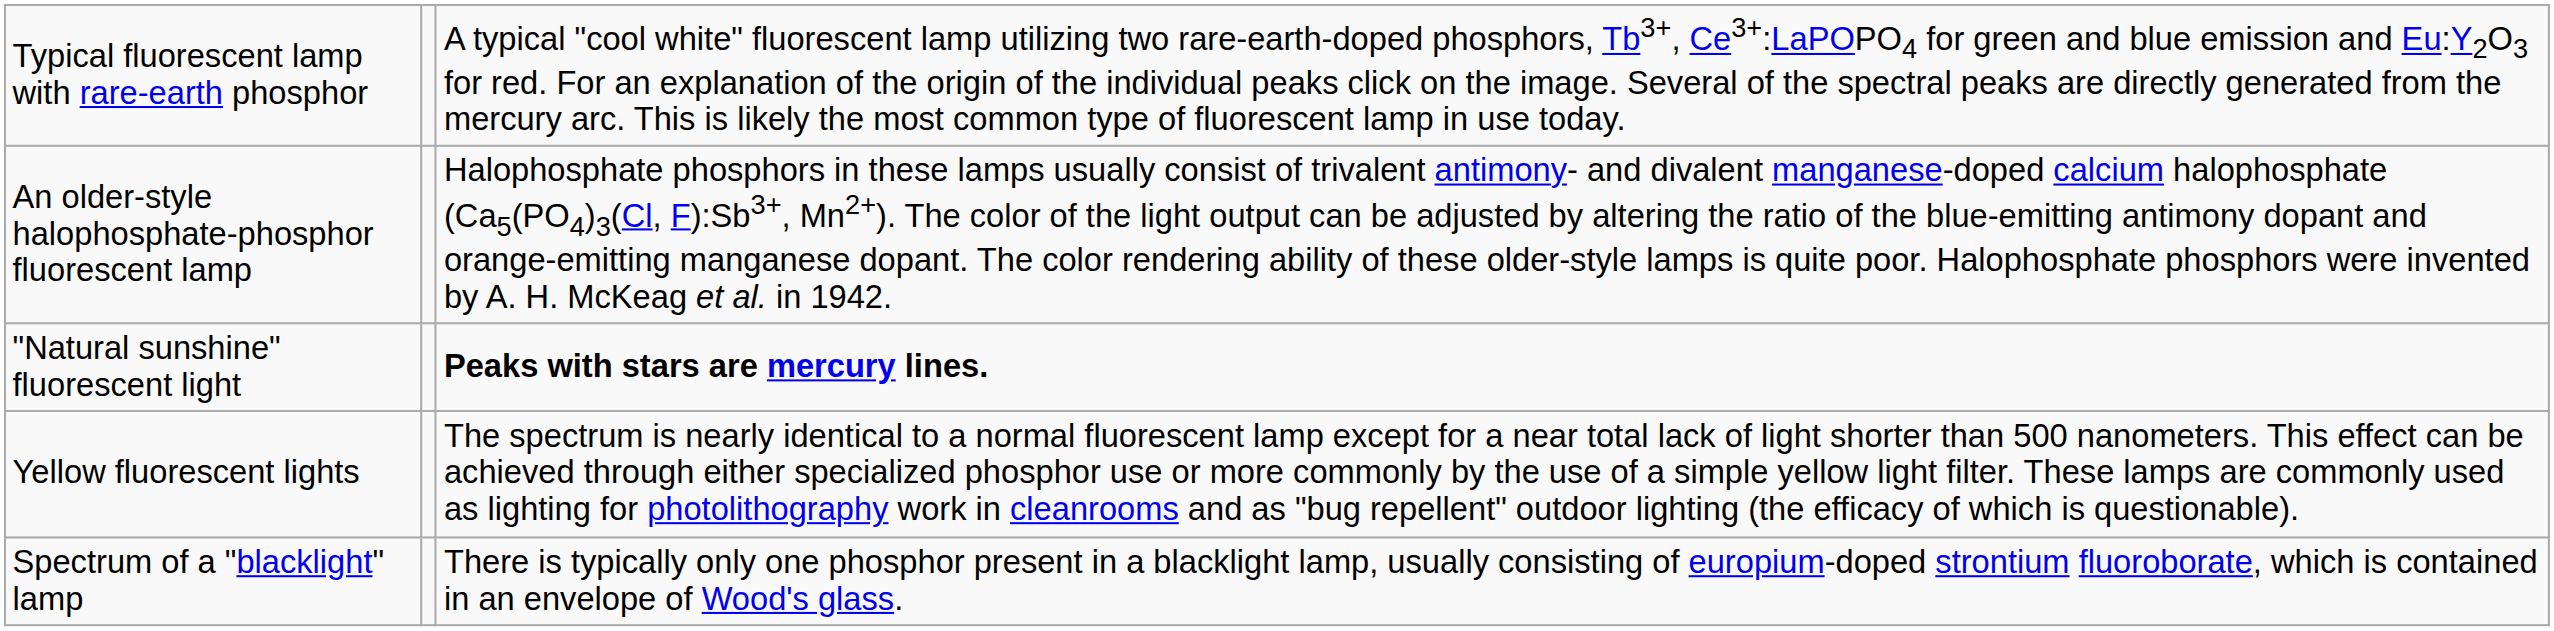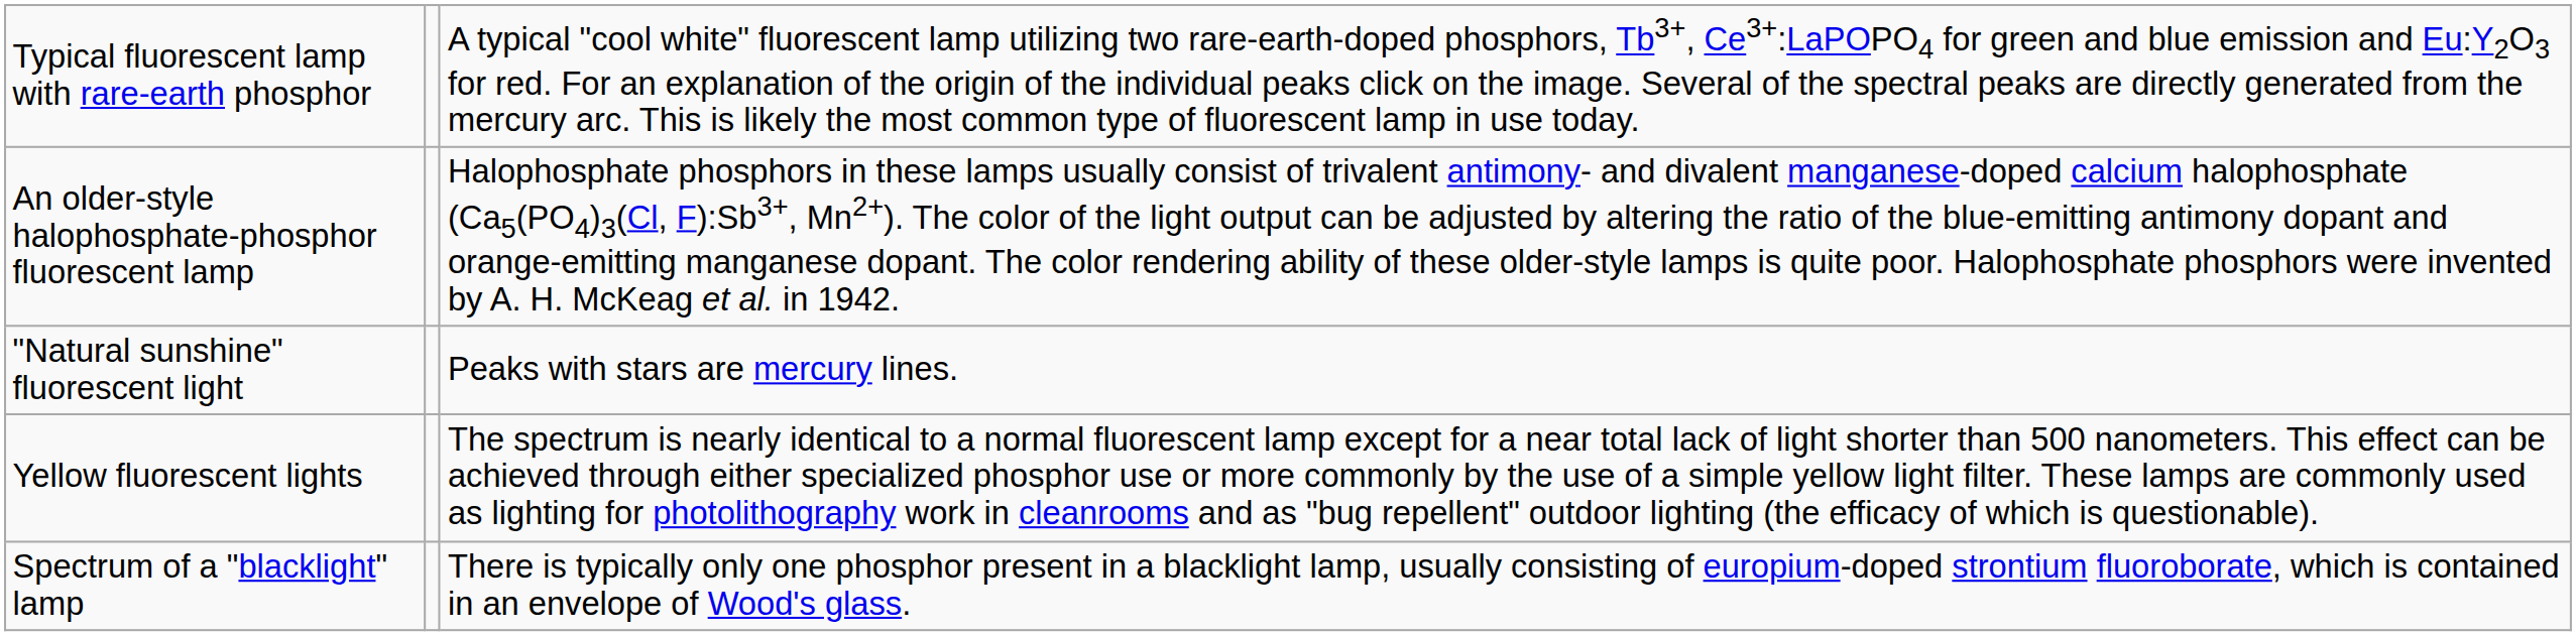 <table class="wikitable">
 <tr>
 <td>Typical fluorescent lamp with <a href='#'>rare-earth</a> phosphor</td>
 <td></td>
 <td>A typical "cool white" fluorescent lamp utilizing two rare-earth-doped phosphors, <a href='#'>Tb</a><sup>3+</sup>, <a href='#'>Ce</a><sup>3+</sup>:<a href='#'>LaPO</a>PO<sub>4</sub> for green and blue emission and <a href='#'>Eu</a>:<a href='#'>Y</a><sub>2</sub>O<sub>3</sub> for red. For an explanation of the origin of the individual peaks click on the image. Several of the spectral peaks are directly generated from the mercury arc. This is likely the most common type of fluorescent lamp in use today.</td>
 </tr>
 <tr>
 <td>An older-style halophosphate-phosphor fluorescent lamp</td>
 <td></td>
 <td>Halophosphate phosphors in these lamps usually consist of trivalent <a href='#'>antimony</a>- and divalent <a href='#'>manganese</a>-doped <a href='#'>calcium</a> halophosphate (Ca<sub>5</sub>(PO<sub>4</sub>)<sub>3</sub>(<a href='#'>Cl</a>, <a href='#'>F</a>):Sb<sup>3+</sup>, Mn<sup>2+</sup>). The color of the light output can be adjusted by altering the ratio of the blue-emitting antimony dopant and orange-emitting manganese dopant. The color rendering ability of these older-style lamps is quite poor. Halophosphate phosphors were invented by A. H. McKeag <em>et al.</em> in 1942.</td>
 </tr>
 <tr>
 <td>"Natural sunshine" fluorescent light</td>
 <td></td>
-<td><strong>Peaks with stars are <a href='#'>mercury</a> lines.</strong></td>
+<td>Peaks with stars are <a href='#'>mercury</a> lines.</td>
 </tr>
 <tr>
 <td>Yellow fluorescent lights</td>
 <td></td>
 <td>The spectrum is nearly identical to a normal fluorescent lamp except for a near total lack of light shorter than 500 nanometers. This effect can be achieved through either specialized phosphor use or more commonly by the use of a simple yellow light filter. These lamps are commonly used as lighting for <a href='#'>photolithography</a> work in <a href='#'>cleanrooms</a> and as "bug repellent" outdoor lighting (the efficacy of which is questionable).</td>
 </tr>
 <tr>
 <td>Spectrum of a "<a href='#'>blacklight</a>" lamp</td>
 <td></td>
 <td>There is typically only one phosphor present in a blacklight lamp, usually consisting of <a href='#'>europium</a>-doped <a href='#'>strontium</a> <a href='#'>fluoroborate</a>, which is contained in an envelope of <a href='#'>Wood's glass</a>.</td>
 </tr>
 </table>
